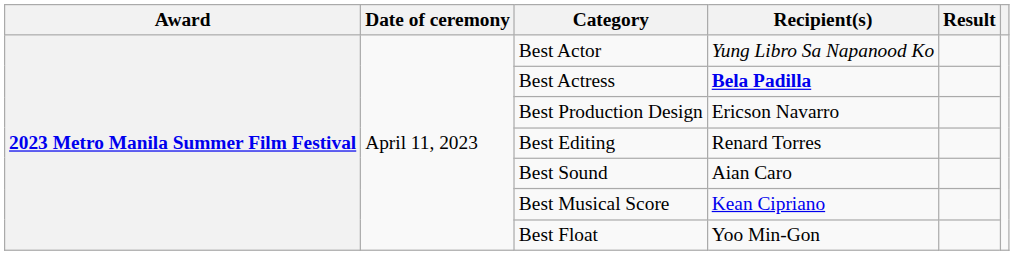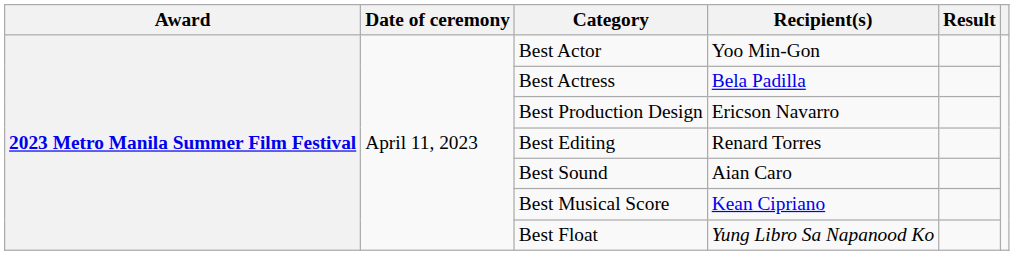 <table class="wikitable sortable plainrowheaders">
 <tr>
 <th scope="col">Award</th>
 <th scope="col" data-sort-type="date">Date of ceremony</th>
 <th scope="col">Category</th>
 <th scope="col">Recipient(s)</th>
 <th scope="col">Result</th>
 <th scope="col" class="unsortable"></th>
 </tr>
 <tr>
 <th scope="row" rowspan="7"><a href='#'>2023 Metro Manila Summer Film Festival</a></th>
 <td rowspan="7">April 11, 2023</td>
 <td>Best Actor</td>
-<td><em>Yung Libro Sa Napanood Ko</em></td>
+<td>Yoo Min-Gon</td>
 <td></td>
 <td rowspan="7"></td>
 </tr>
 <tr>
 <td>Best Actress</td>
-<td><strong><a href='#'>Bela Padilla</a></strong></td>
+<td><a href='#'>Bela Padilla</a></td>
 <td></td>
 </tr>
 <tr>
 <td>Best Production Design</td>
 <td>Ericson Navarro</td>
 <td></td>
 </tr>
 <tr>
 <td>Best Editing</td>
 <td>Renard Torres</td>
 <td></td>
 </tr>
 <tr>
 <td>Best Sound</td>
 <td>Aian Caro</td>
 <td></td>
 </tr>
 <tr>
 <td>Best Musical Score</td>
 <td><a href='#'>Kean Cipriano</a></td>
 <td></td>
 </tr>
 <tr>
 <td>Best Float</td>
-<td>Yoo Min-Gon</td>
+<td><em>Yung Libro Sa Napanood Ko</em></td>
 <td></td>
 </tr>
 </table>
